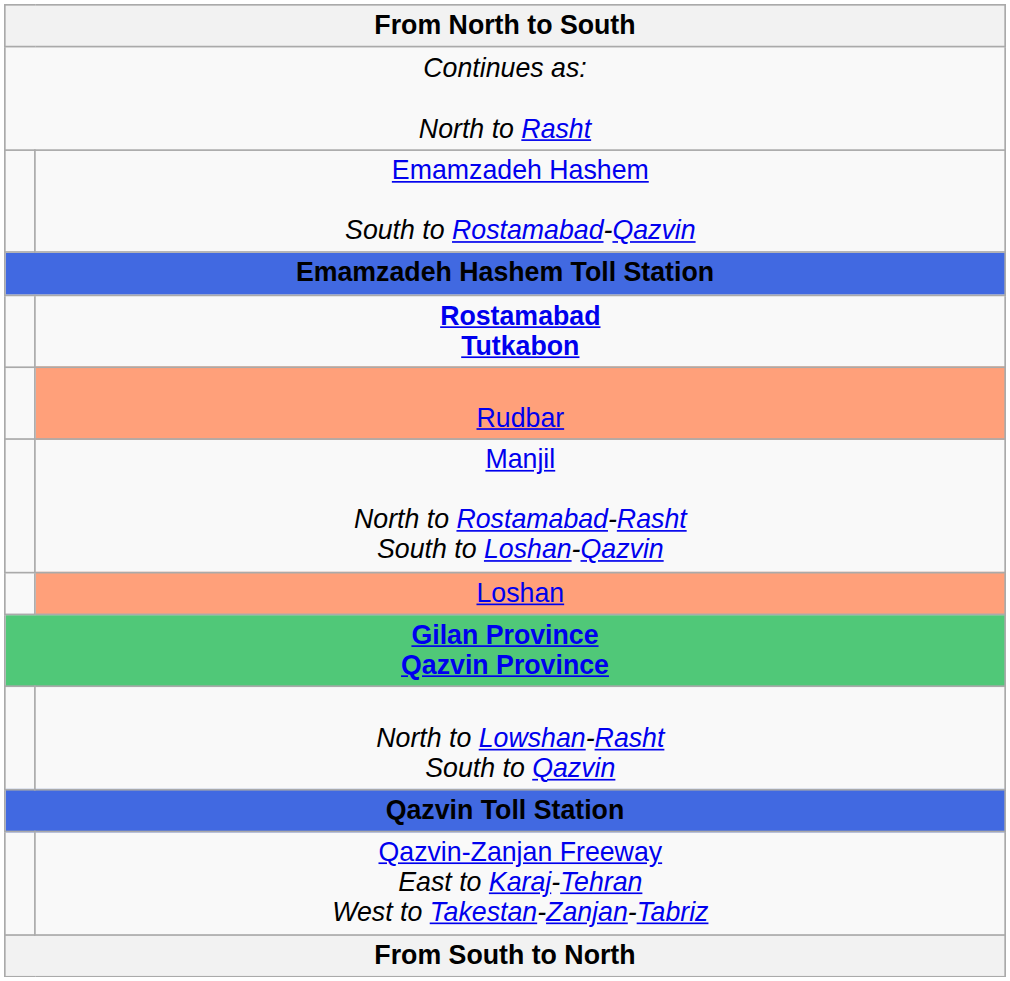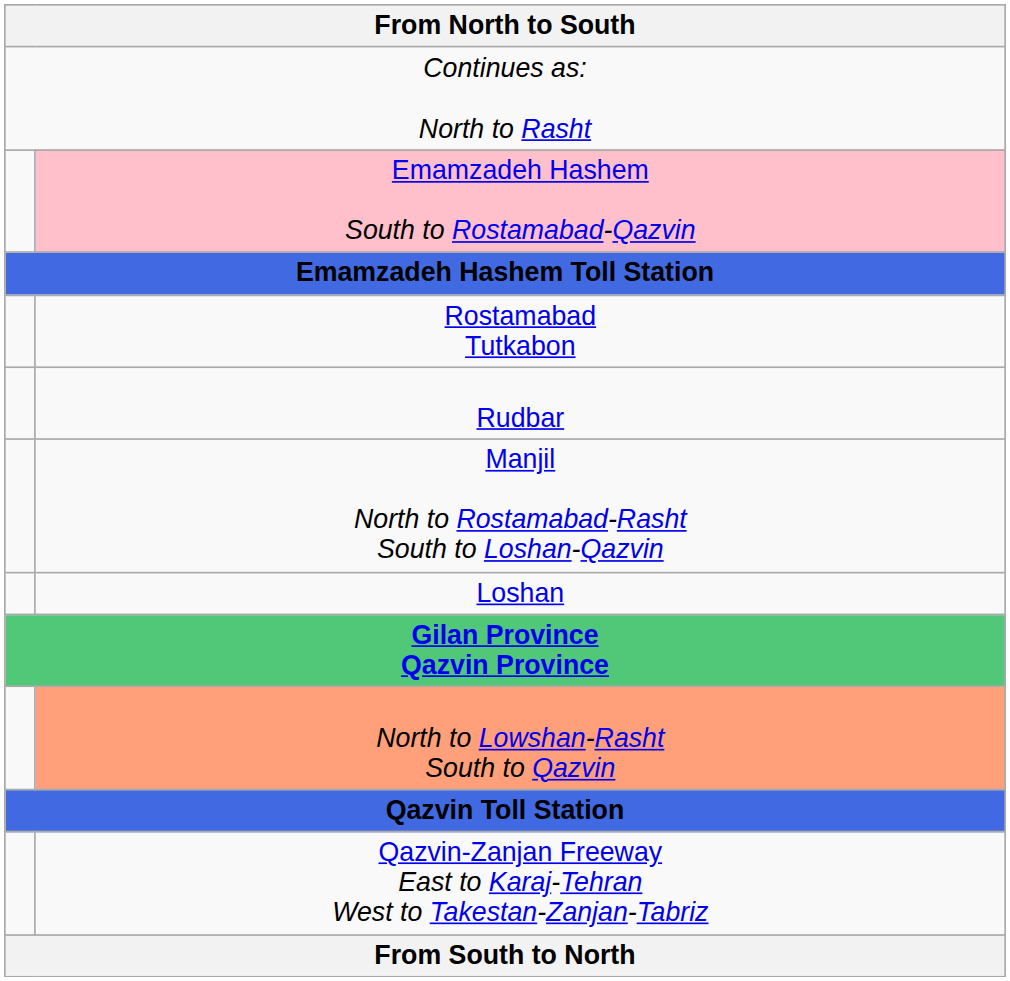 <table class="wikitable" style="text-align:center" width="600px">
 <tr>
 <th text-align="center" colspan="3"> From North to South </th>
 </tr>
 <tr>
 <td colspan="7" align="center"><em>Continues as:</em><br><br><em>North to <a href='#'>Rasht</a></em></td>
 </tr>
 <tr>
 <td><br></td>
-<td> <a href='#'>Emamzadeh Hashem</a><br><br><em>South to <a href='#'>Rostamabad</a>-<a href='#'>Qazvin</a></em></td>
+<td style="background: pink;"> <a href='#'>Emamzadeh Hashem</a><br><br><em>South to <a href='#'>Rostamabad</a>-<a href='#'>Qazvin</a></em></td>
 </tr>
 <tr>
 <td colspan="7" align="center" bgcolor="#41 69 E1" color: #FFFFFF> <strong>Emamzadeh Hashem Toll Station</strong></td>
 </tr>
 <tr>
 <td></td>
-<td><strong> <a href='#'>Rostamabad</a><br> <a href='#'>Tutkabon</a></strong></td>
+<td> <a href='#'>Rostamabad</a><br> <a href='#'>Tutkabon</a></td>
 </tr>
 <tr>
 <td></td>
-<td style="background: lightsalmon;"><br> <a href='#'>Rudbar</a></td>
+<td><br> <a href='#'>Rudbar</a></td>
 </tr>
 <tr>
 <td></td>
 <td> <a href='#'>Manjil</a><br><br><em>North to <a href='#'>Rostamabad</a>-<a href='#'>Rasht</a></em><br><em>South to <a href='#'>Loshan</a>-<a href='#'>Qazvin</a></em></td>
 </tr>
 <tr>
 <td></td>
-<td style="background: lightsalmon;"> <a href='#'>Loshan</a><br></td>
+<td> <a href='#'>Loshan</a><br></td>
 </tr>
 <tr>
 <td colspan="7" align="center" bgcolor="#50 C8 78"> <strong><a href='#'>Gilan Province</a></strong> <br> <strong><a href='#'>Qazvin Province</a></strong> </td>
 </tr>
 <tr>
 <td></td>
-<td><br><em>North to <a href='#'>Lowshan</a>-<a href='#'>Rasht</a></em><br><em>South to <a href='#'>Qazvin</a></em></td>
+<td style="background: lightsalmon;"><br><em>North to <a href='#'>Lowshan</a>-<a href='#'>Rasht</a></em><br><em>South to <a href='#'>Qazvin</a></em></td>
 </tr>
 <tr>
 <td colspan="7" align="center" bgcolor="#41 69 E1" color: #FFFFFF> <strong>Qazvin Toll Station</strong></td>
 </tr>
 <tr>
 <td><br></td>
 <td> <a href='#'>Qazvin-Zanjan Freeway</a><br><em>East to <a href='#'>Karaj</a>-<a href='#'>Tehran</a></em><br><em>West to <a href='#'>Takestan</a>-<a href='#'>Zanjan</a>-<a href='#'>Tabriz</a></em></td>
 </tr>
 <tr>
 <th text-align="center" colspan="3"> From South to North </th>
 </tr>
 </table>
